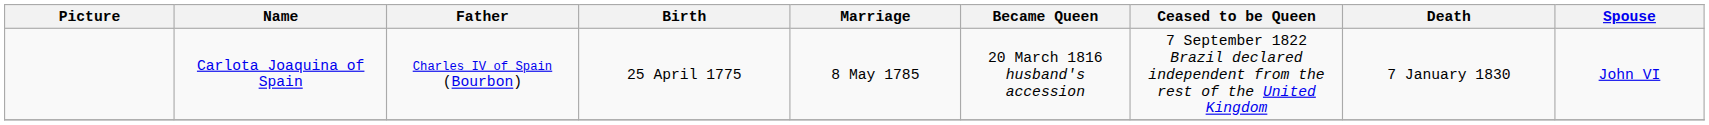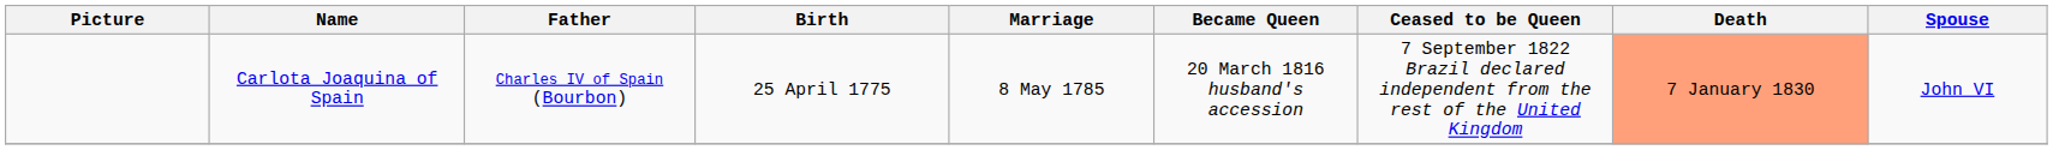 <table width=95% class="wikitable">
 <tr>
 <th width = "8%">Picture</th>
 <th width = "10%">Name</th>
 <th width = "9%">Father</th>
 <th width = "10%">Birth</th>
 <th width = "8%">Marriage</th>
 <th width = "8%">Became Queen</th>
 <th width = "10%">Ceased to be Queen</th>
 <th width = "10%">Death</th>
 <th width = "7%"><a href='#'>Spouse</a></th>
 </tr>
 <tr>
 <td align="center"></td>
 <td align="center"><a href='#'>Carlota Joaquina of Spain</a></td>
 <td align="center"><small><a href='#'>Charles IV of Spain</a></small><br> (<a href='#'>Bourbon</a>)</td>
 <td align="center">25 April 1775</td>
 <td align="center">8 May 1785</td>
 <td align="center">20 March 1816<br><em>husband's accession</em></td>
 <td align="center">7 September 1822<br><em>Brazil declared independent from the rest of the <a href='#'>United Kingdom</a></em></td>
-<td align="center">7 January 1830</td>
+<td align="center" style="background: lightsalmon;">7 January 1830</td>
 <td align="center"><a href='#'>John VI</a></td>
 </tr>
 <tr>
 </tr>
 </table>
